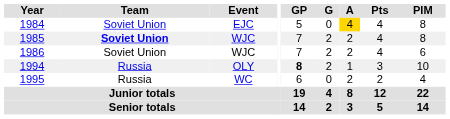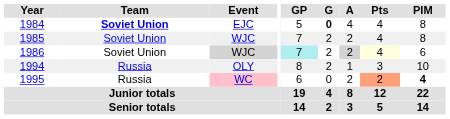 <table border="0" cellpadding="1" cellspacing="0" ID="Table3" style="text-align:center; width:40em">
 <tr bgcolor="#e0e0e0">
 <th>Year</th>
 <th>Team</th>
 <th>Event</th>
 <th rowspan="102" bgcolor="#ffffff"></th>
 <th>GP</th>
 <th>G</th>
 <th>A</th>
 <th>Pts</th>
 <th>PIM</th>
 </tr>
 <tr>
 <td><a href='#'>1984</a></td>
-<td><a href='#'>Soviet Union</a></td>
+<td><strong><a href='#'>Soviet Union</a></strong></td>
 <td><a href='#'>EJC</a></td>
 <td>5</td>
-<td>0</td>
-<td style="background: gold;">4</td>
+<td><strong>0</strong></td>
+<td>4</td>
 <td>4</td>
 <td>8</td>
 </tr>
 <tr bgcolor="#f0f0f0">
 <td><a href='#'>1985</a></td>
-<td><strong><a href='#'>Soviet Union</a></strong></td>
+<td><a href='#'>Soviet Union</a></td>
 <td><a href='#'>WJC</a></td>
 <td>7</td>
 <td>2</td>
 <td>2</td>
 <td>4</td>
 <td>8</td>
 </tr>
 <tr>
 <td><a href='#'>1986</a></td>
 <td>Soviet Union</td>
-<td>WJC</td>
-<td>7</td>
+<td style="background: lightgrey;">WJC</td>
+<td style="background: paleturquoise;">7</td>
 <td>2</td>
-<td>2</td>
-<td>4</td>
+<td style="background: lightgrey;">2</td>
+<td style="background: lightyellow;">4</td>
 <td>6</td>
 </tr>
 <tr bgcolor="#f0f0f0">
 <td><a href='#'>1994</a></td>
 <td><a href='#'>Russia</a></td>
 <td><a href='#'>OLY</a></td>
-<td><strong>8</strong></td>
+<td>8</td>
 <td>2</td>
 <td>1</td>
 <td>3</td>
 <td>10</td>
 </tr>
 <tr>
 <td><a href='#'>1995</a></td>
 <td>Russia</td>
-<td><a href='#'>WC</a></td>
+<td style="background: pink;"><a href='#'>WC</a></td>
 <td>6</td>
 <td>0</td>
 <td>2</td>
-<td>2</td>
-<td>4</td>
+<td style="background: lightsalmon;">2</td>
+<td><strong>4</strong></td>
 </tr>
 <tr bgcolor="#e0e0e0">
 <th colspan=4>Junior totals</th>
 <th>19</th>
 <th>4</th>
 <th>8</th>
 <th>12</th>
 <th>22</th>
 </tr>
 <tr bgcolor="#e0e0e0">
 <th colspan=4>Senior totals</th>
 <th>14</th>
 <th>2</th>
 <th>3</th>
 <th>5</th>
 <th>14</th>
 </tr>
 </table>
